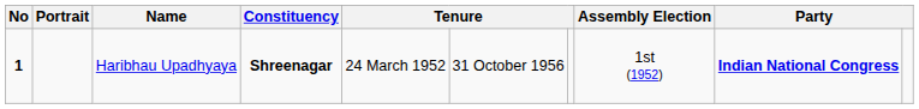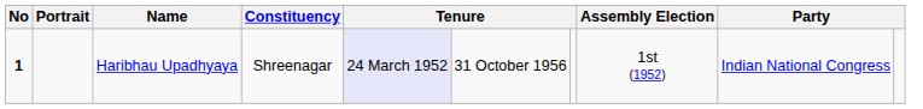 <table class="wikitable">
 <tr>
 <th scope="col">No</th>
 <th>Portrait</th>
 <th scope="col">Name</th>
 <th scope="col"><a href='#'>Constituency</a></th>
 <th colspan="3" scope="col">Tenure</th>
 <th>Assembly Election</th>
 <th colspan="2" scope="col">Party</th>
 </tr>
 <tr align="center" style="height: 80px;">
 <td><strong>1</strong></td>
 <td></td>
 <td><a href='#'>Haribhau Upadhyaya</a></td>
-<td><strong>Shreenagar</strong></td>
-<td>24 March 1952</td>
+<td>Shreenagar</td>
+<td style="background: lavender;">24 March 1952</td>
 <td>31 October 1956</td>
 <td></td>
 <td>1st<br><small>(<a href='#'>1952</a>)</small></td>
-<td><strong><a href='#'>Indian National Congress</a></strong></td>
+<td><a href='#'>Indian National Congress</a></td>
 <td width="4px" style="background-color: "></td>
 </tr>
 </table>
